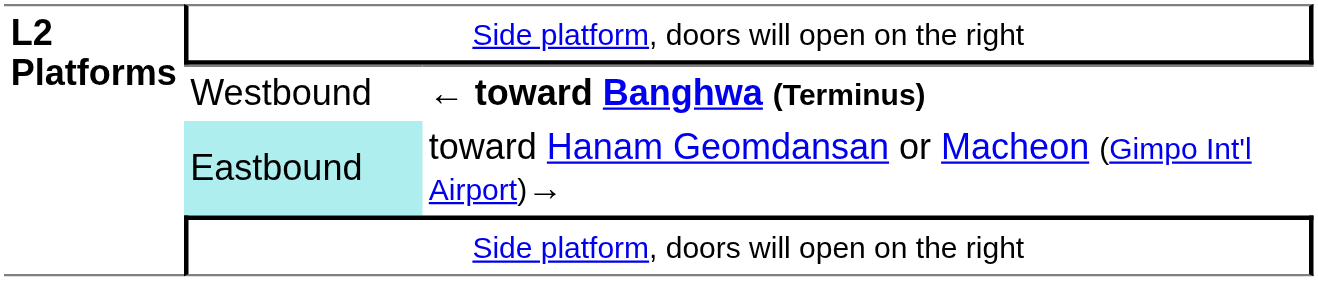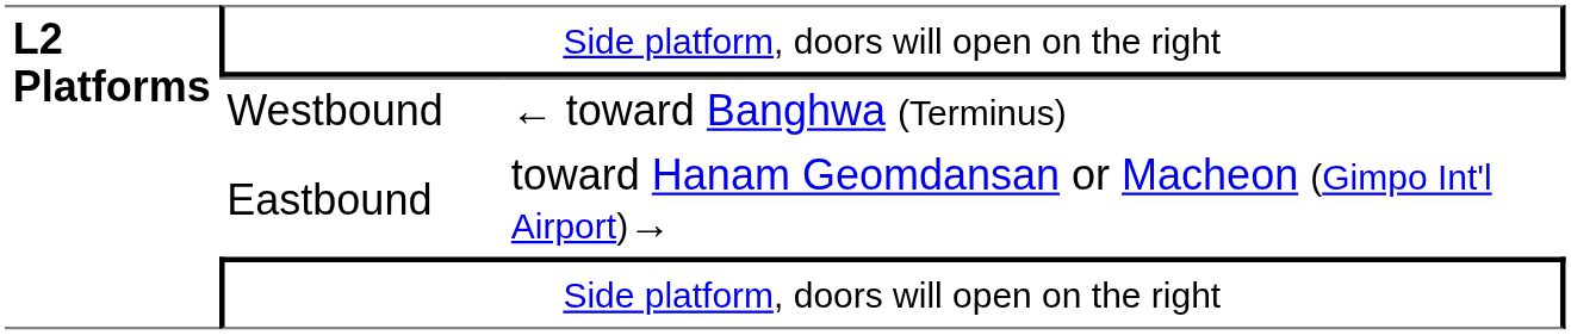 <table table border=0 cellspacing=0 cellpadding=3>
 <tr>
 <td style="border-top:solid 1px gray;border-bottom:solid 1px gray;" width=50 rowspan=10 valign=top><strong>L2<br>Platforms</strong></td>
 <td style="border-top:solid 1px gray;border-right:solid 2px black;border-left:solid 2px black;border-bottom:solid 2px black;text-align:center;" colspan=2><small><a href='#'>Side platform</a>, doors will open on the right</small></td>
 </tr>
 <tr>
 <td style="border-bottom:solid 0px gray;border-top:solid 1px gray;" width=100>Westbound</td>
-<td style="border-bottom:solid 0px gray;border-top:solid 1px gray;" width=390><strong>←  toward <a href='#'>Banghwa</a> <small>(Terminus)</small></strong></td>
+<td style="border-bottom:solid 0px gray;border-top:solid 1px gray;" width=390>←  toward <a href='#'>Banghwa</a> <small>(Terminus)</small></td>
 </tr>
 <tr>
-<td style="background: paleturquoise;">Eastbound</td>
+<td>Eastbound</td>
 <td>  toward <a href='#'>Hanam Geomdansan</a> or <a href='#'>Macheon</a> <small>(<a href='#'>Gimpo Int'l Airport</a>)</small>→</td>
 </tr>
 <tr>
 <td style="border-top:solid 2px black;border-right:solid 2px black;border-left:solid 2px black;border-bottom:solid 1px gray;text-align:center;" colspan=2><small><a href='#'>Side platform</a>, doors will open on the right</small></td>
 </tr>
 </table>
